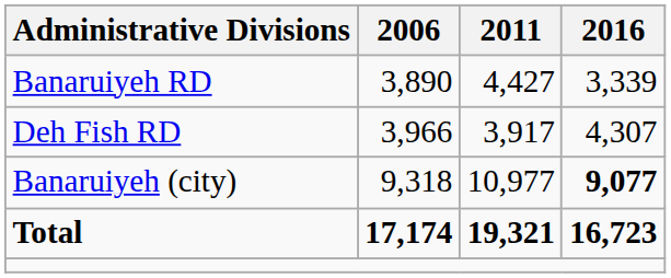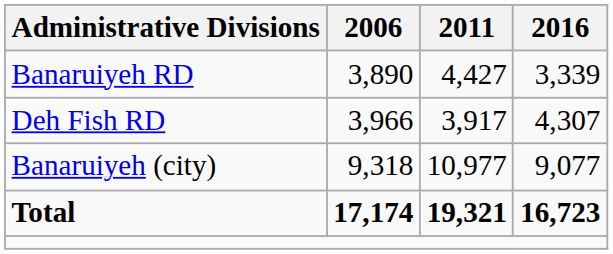 <table class="wikitable">
 <tr>
 <th>Administrative Divisions</th>
 <th>2006</th>
 <th>2011</th>
 <th>2016</th>
 </tr>
 <tr>
 <td><a href='#'>Banaruiyeh RD</a></td>
 <td style="text-align: right;">3,890</td>
 <td style="text-align: right;">4,427</td>
 <td style="text-align: right;">3,339</td>
 </tr>
 <tr>
 <td><a href='#'>Deh Fish RD</a></td>
 <td style="text-align: right;">3,966</td>
 <td style="text-align: right;">3,917</td>
 <td style="text-align: right;">4,307</td>
 </tr>
 <tr>
 <td><a href='#'>Banaruiyeh</a> (city)</td>
 <td style="text-align: right;">9,318</td>
 <td style="text-align: right;">10,977</td>
-<td style="text-align: right;"><strong>9,077</strong></td>
+<td style="text-align: right;">9,077</td>
 </tr>
 <tr>
 <td><strong>Total</strong></td>
 <td style="text-align: right;"><strong>17,174</strong></td>
 <td style="text-align: right;"><strong>19,321</strong></td>
 <td style="text-align: right;"><strong>16,723</strong></td>
 </tr>
 <tr>
 <td colspan=4></td>
 </tr>
 </table>
